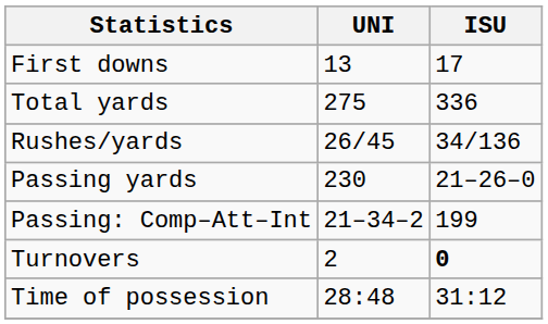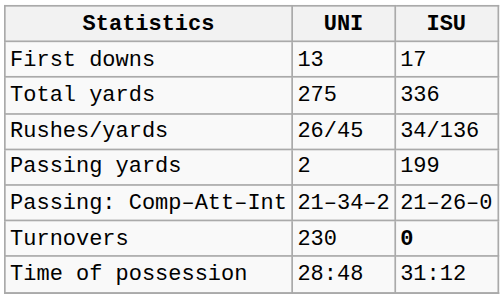 <table class="wikitable" style="float: left;">
 <tr>
 <th>Statistics</th>
 <th>UNI</th>
 <th>ISU</th>
 </tr>
 <tr>
 <td>First downs</td>
 <td>13</td>
 <td>17</td>
 </tr>
 <tr>
 <td>Total yards</td>
 <td>275</td>
 <td>336</td>
 </tr>
 <tr>
 <td>Rushes/yards</td>
 <td>26/45</td>
 <td>34/136</td>
 </tr>
 <tr>
 <td>Passing yards</td>
-<td>230</td>
-<td>21–26–0</td>
+<td>2</td>
+<td>199</td>
 </tr>
 <tr>
 <td>Passing: Comp–Att–Int</td>
 <td>21–34–2</td>
-<td>199</td>
+<td>21–26–0</td>
 </tr>
 <tr>
 <td>Turnovers</td>
-<td>2</td>
+<td>230</td>
 <td><strong>0</strong></td>
 </tr>
 <tr>
 <td>Time of possession</td>
 <td>28:48</td>
 <td>31:12</td>
 </tr>
 <tr>
 </tr>
 </table>
